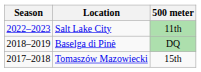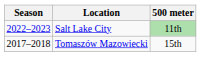 <table class="wikitable" style="display: inline-table;">
 <tr>
 <th>Season</th>
 <th>Location</th>
 <th colspan="1">500 meter</th>
 </tr>
 <tr style="text-align:center">
 <td><a href='#'>2022–2023</a></td>
 <td align=left> <a href='#'>Salt Lake City</a></td>
 <td style="background:#addfad;">11th</td>
 </tr>
 <tr style="text-align:center">
-<td>2018–2019</td>
-<td align=left> <a href='#'>Baselga di Pinè</a></td>
-<td style="background:#addfad;">DQ</td>
-</tr>
-<tr style="text-align:center">
 <td>2017–2018</td>
 <td align=left> <a href='#'>Tomaszów Mazowiecki</a></td>
 <td>15th</td>
 </tr>
 </table>
